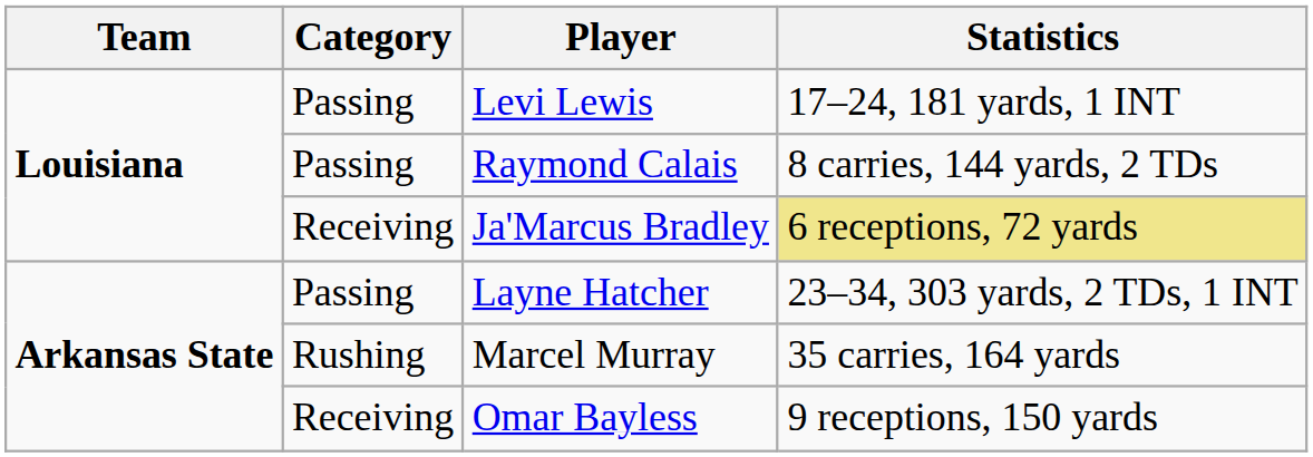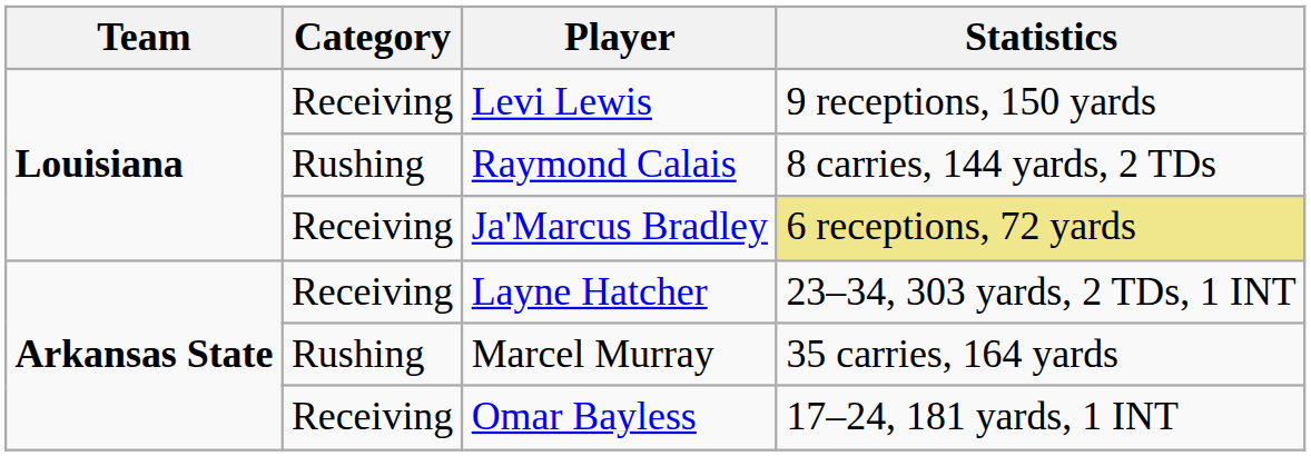 <table class="wikitable" style="float: left;">
 <tr>
 <th>Team</th>
 <th>Category</th>
 <th>Player</th>
 <th>Statistics</th>
 </tr>
 <tr>
 <td rowspan=3><strong>Louisiana</strong></td>
-<td>Passing</td>
+<td>Receiving</td>
 <td><a href='#'>Levi Lewis</a></td>
-<td>17–24, 181 yards, 1 INT</td>
+<td>9 receptions, 150 yards</td>
 </tr>
 <tr>
-<td>Passing</td>
+<td>Rushing</td>
 <td><a href='#'>Raymond Calais</a></td>
 <td>8 carries, 144 yards, 2 TDs</td>
 </tr>
 <tr>
 <td>Receiving</td>
 <td><a href='#'>Ja'Marcus Bradley</a></td>
 <td style="background: khaki;">6 receptions, 72 yards</td>
 </tr>
 <tr>
 <td rowspan=3><strong>Arkansas State</strong></td>
-<td>Passing</td>
+<td>Receiving</td>
 <td><a href='#'>Layne Hatcher</a></td>
 <td>23–34, 303 yards, 2 TDs, 1 INT</td>
 </tr>
 <tr>
 <td>Rushing</td>
 <td>Marcel Murray</td>
 <td>35 carries, 164 yards</td>
 </tr>
 <tr>
 <td>Receiving</td>
 <td><a href='#'>Omar Bayless</a></td>
-<td>9 receptions, 150 yards</td>
+<td>17–24, 181 yards, 1 INT</td>
 </tr>
 </table>
